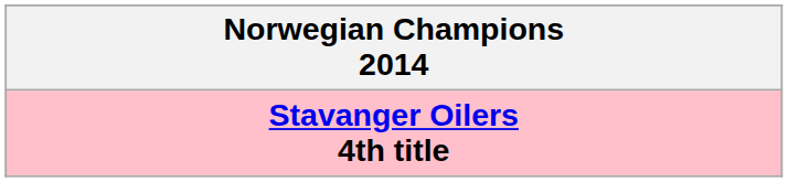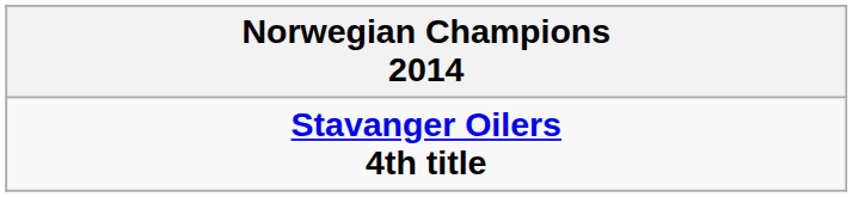 <table class="wikitable" style="text-align: center; margin: 0 auto; width: 20%">
 <tr>
 <th>Norwegian Champions<br>2014</th>
 </tr>
 <tr>
-<td style="background: pink;"><strong><a href='#'>Stavanger Oilers</a></strong><br><strong>4th title</strong></td>
+<td><strong><a href='#'>Stavanger Oilers</a></strong><br><strong>4th title</strong></td>
 </tr>
 </table>
